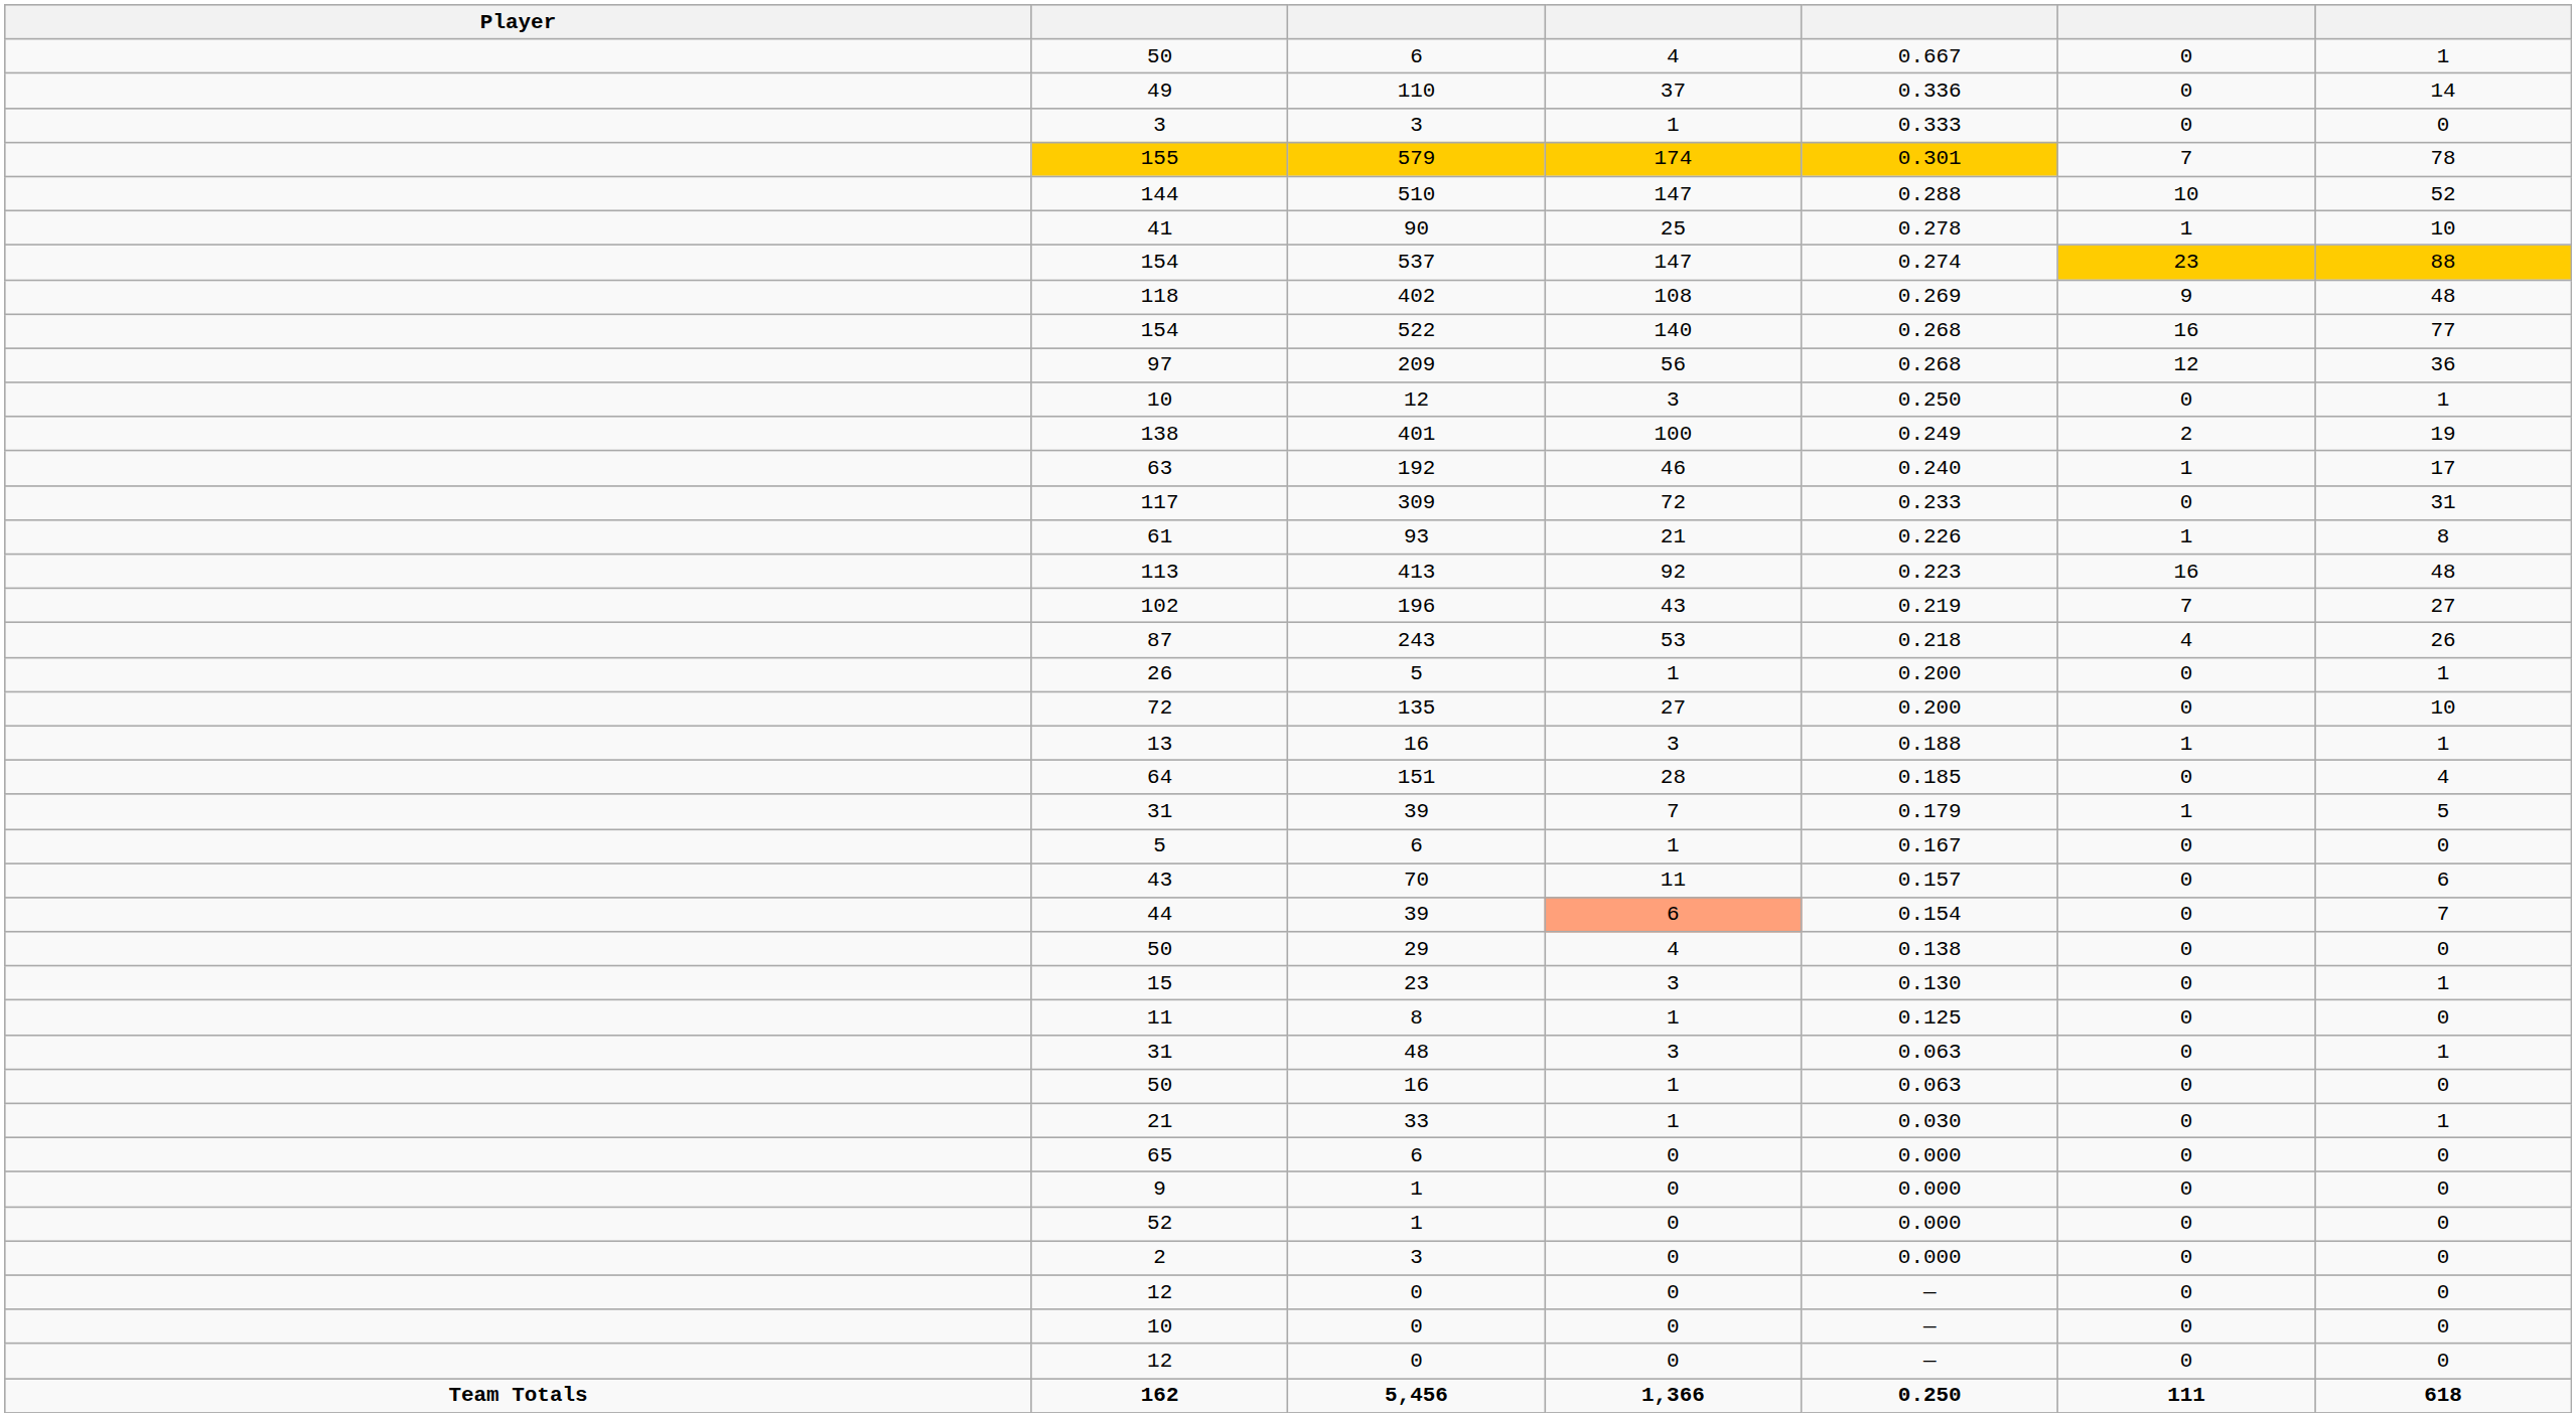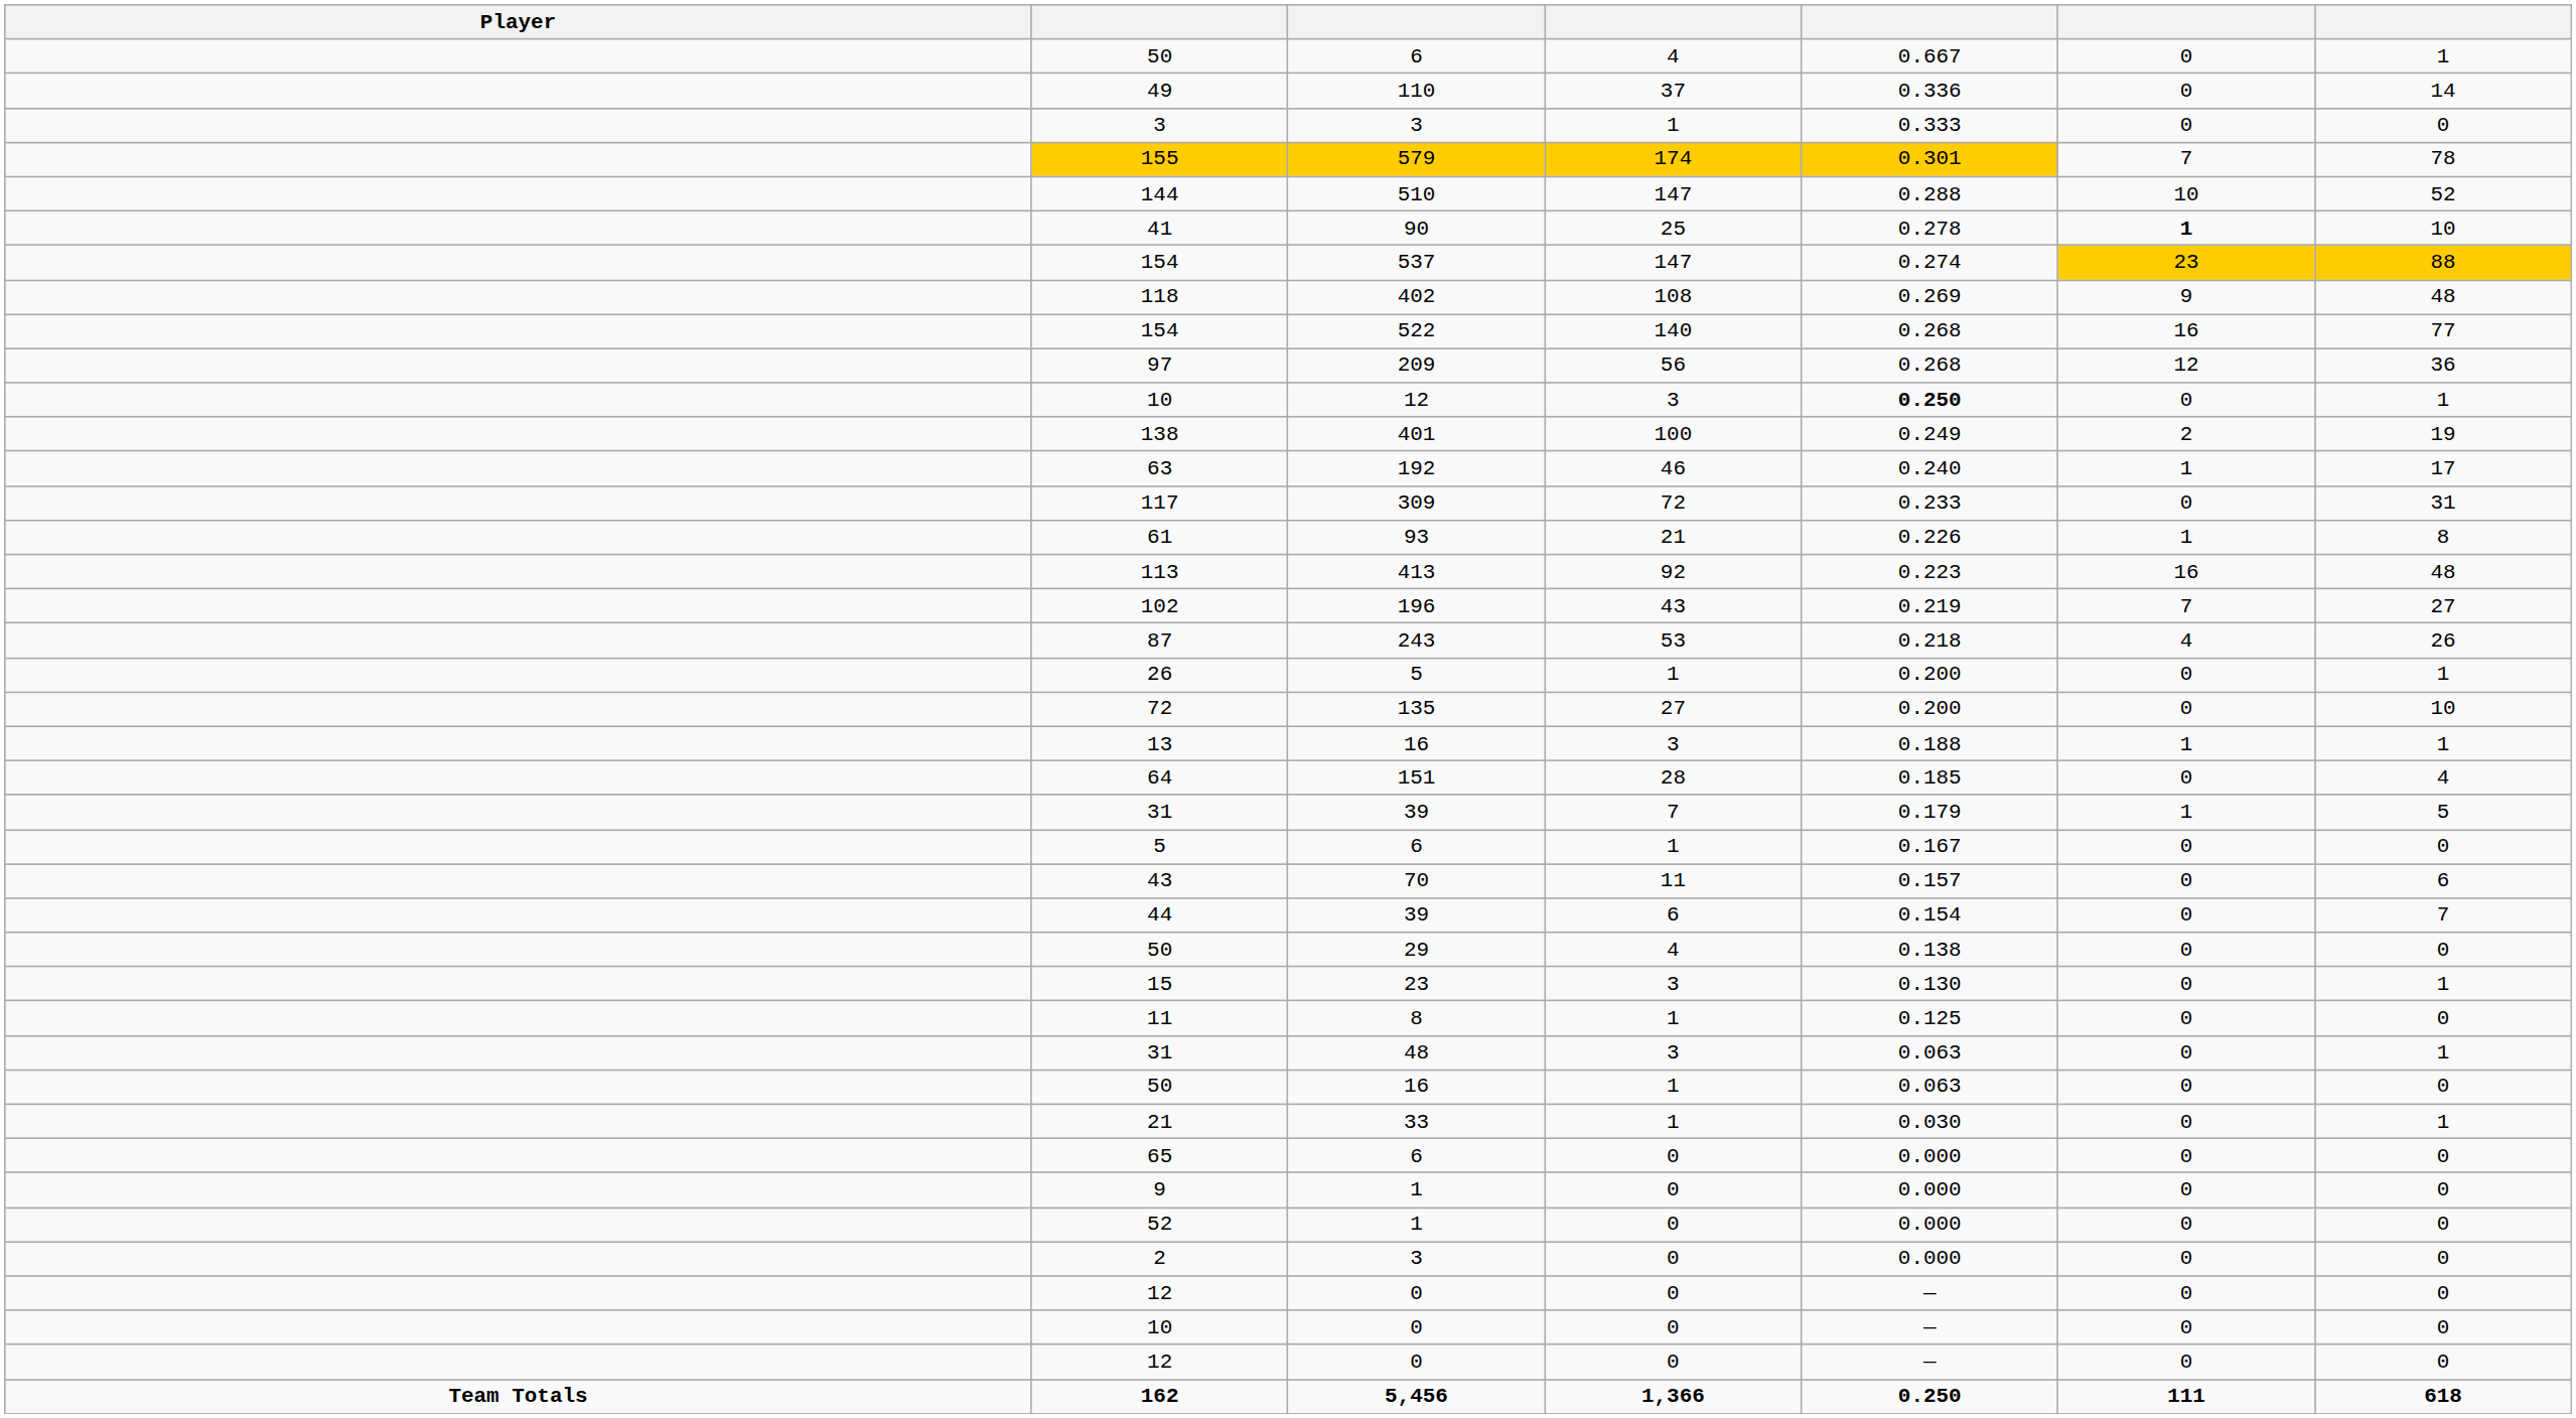 <table class="wikitable sortable" style="text-align:center;" width="100%">
 <tr>
 <th width="40%">Player</th>
 <th width="10%"></th>
 <th width="10%"></th>
 <th width="10%"></th>
 <th width="10%"></th>
 <th width="10%"></th>
 <th width="10%"></th>
 </tr>
 <tr>
 <td></td>
 <td>50</td>
 <td>6</td>
 <td>4</td>
 <td>0.667</td>
 <td>0</td>
 <td>1</td>
 </tr>
 <tr>
 <td></td>
 <td>49</td>
 <td>110</td>
 <td>37</td>
 <td>0.336</td>
 <td>0</td>
 <td>14</td>
 </tr>
 <tr>
 <td></td>
 <td>3</td>
 <td>3</td>
 <td>1</td>
 <td>0.333</td>
 <td>0</td>
 <td>0</td>
 </tr>
 <tr>
 <td></td>
 <td style="background:#fc0;">155</td>
 <td style="background:#fc0;">579</td>
 <td style="background:#fc0;">174</td>
 <td style="background:#fc0;">0.301</td>
 <td>7</td>
 <td>78</td>
 </tr>
 <tr>
 <td></td>
 <td>144</td>
 <td>510</td>
 <td>147</td>
 <td>0.288</td>
 <td>10</td>
 <td>52</td>
 </tr>
 <tr>
 <td></td>
 <td>41</td>
 <td>90</td>
 <td>25</td>
 <td>0.278</td>
-<td>1</td>
+<td><strong>1</strong></td>
 <td>10</td>
 </tr>
 <tr>
 <td></td>
 <td>154</td>
 <td>537</td>
 <td>147</td>
 <td>0.274</td>
 <td style="background:#fc0;">23</td>
 <td style="background:#fc0;">88</td>
 </tr>
 <tr>
 <td></td>
 <td>118</td>
 <td>402</td>
 <td>108</td>
 <td>0.269</td>
 <td>9</td>
 <td>48</td>
 </tr>
 <tr>
 <td></td>
 <td>154</td>
 <td>522</td>
 <td>140</td>
 <td>0.268</td>
 <td>16</td>
 <td>77</td>
 </tr>
 <tr>
 <td></td>
 <td>97</td>
 <td>209</td>
 <td>56</td>
 <td>0.268</td>
 <td>12</td>
 <td>36</td>
 </tr>
 <tr>
 <td></td>
 <td>10</td>
 <td>12</td>
 <td>3</td>
-<td>0.250</td>
+<td><strong>0.250</strong></td>
 <td>0</td>
 <td>1</td>
 </tr>
 <tr>
 <td></td>
 <td>138</td>
 <td>401</td>
 <td>100</td>
 <td>0.249</td>
 <td>2</td>
 <td>19</td>
 </tr>
 <tr>
 <td></td>
 <td>63</td>
 <td>192</td>
 <td>46</td>
 <td>0.240</td>
 <td>1</td>
 <td>17</td>
 </tr>
 <tr>
 <td></td>
 <td>117</td>
 <td>309</td>
 <td>72</td>
 <td>0.233</td>
 <td>0</td>
 <td>31</td>
 </tr>
 <tr>
 <td></td>
 <td>61</td>
 <td>93</td>
 <td>21</td>
 <td>0.226</td>
 <td>1</td>
 <td>8</td>
 </tr>
 <tr>
 <td></td>
 <td>113</td>
 <td>413</td>
 <td>92</td>
 <td>0.223</td>
 <td>16</td>
 <td>48</td>
 </tr>
 <tr>
 <td></td>
 <td>102</td>
 <td>196</td>
 <td>43</td>
 <td>0.219</td>
 <td>7</td>
 <td>27</td>
 </tr>
 <tr>
 <td></td>
 <td>87</td>
 <td>243</td>
 <td>53</td>
 <td>0.218</td>
 <td>4</td>
 <td>26</td>
 </tr>
 <tr>
 <td></td>
 <td>26</td>
 <td>5</td>
 <td>1</td>
 <td>0.200</td>
 <td>0</td>
 <td>1</td>
 </tr>
 <tr>
 <td></td>
 <td>72</td>
 <td>135</td>
 <td>27</td>
 <td>0.200</td>
 <td>0</td>
 <td>10</td>
 </tr>
 <tr>
 <td></td>
 <td>13</td>
 <td>16</td>
 <td>3</td>
 <td>0.188</td>
 <td>1</td>
 <td>1</td>
 </tr>
 <tr>
 <td></td>
 <td>64</td>
 <td>151</td>
 <td>28</td>
 <td>0.185</td>
 <td>0</td>
 <td>4</td>
 </tr>
 <tr>
 <td></td>
 <td>31</td>
 <td>39</td>
 <td>7</td>
 <td>0.179</td>
 <td>1</td>
 <td>5</td>
 </tr>
 <tr>
 <td></td>
 <td>5</td>
 <td>6</td>
 <td>1</td>
 <td>0.167</td>
 <td>0</td>
 <td>0</td>
 </tr>
 <tr>
 <td></td>
 <td>43</td>
 <td>70</td>
 <td>11</td>
 <td>0.157</td>
 <td>0</td>
 <td>6</td>
 </tr>
 <tr>
 <td></td>
 <td>44</td>
 <td>39</td>
-<td style="background: lightsalmon;">6</td>
+<td>6</td>
 <td>0.154</td>
 <td>0</td>
 <td>7</td>
 </tr>
 <tr>
 <td></td>
 <td>50</td>
 <td>29</td>
 <td>4</td>
 <td>0.138</td>
 <td>0</td>
 <td>0</td>
 </tr>
 <tr>
 <td></td>
 <td>15</td>
 <td>23</td>
 <td>3</td>
 <td>0.130</td>
 <td>0</td>
 <td>1</td>
 </tr>
 <tr>
 <td></td>
 <td>11</td>
 <td>8</td>
 <td>1</td>
 <td>0.125</td>
 <td>0</td>
 <td>0</td>
 </tr>
 <tr>
 <td></td>
 <td>31</td>
 <td>48</td>
 <td>3</td>
 <td>0.063</td>
 <td>0</td>
 <td>1</td>
 </tr>
 <tr>
 <td></td>
 <td>50</td>
 <td>16</td>
 <td>1</td>
 <td>0.063</td>
 <td>0</td>
 <td>0</td>
 </tr>
 <tr>
 <td></td>
 <td>21</td>
 <td>33</td>
 <td>1</td>
 <td>0.030</td>
 <td>0</td>
 <td>1</td>
 </tr>
 <tr>
 <td></td>
 <td>65</td>
 <td>6</td>
 <td>0</td>
 <td>0.000</td>
 <td>0</td>
 <td>0</td>
 </tr>
 <tr>
 <td></td>
 <td>9</td>
 <td>1</td>
 <td>0</td>
 <td>0.000</td>
 <td>0</td>
 <td>0</td>
 </tr>
 <tr>
 <td></td>
 <td>52</td>
 <td>1</td>
 <td>0</td>
 <td>0.000</td>
 <td>0</td>
 <td>0</td>
 </tr>
 <tr>
 <td></td>
 <td>2</td>
 <td>3</td>
 <td>0</td>
 <td>0.000</td>
 <td>0</td>
 <td>0</td>
 </tr>
 <tr>
 <td></td>
 <td>12</td>
 <td>0</td>
 <td>0</td>
 <td>—</td>
 <td>0</td>
 <td>0</td>
 </tr>
 <tr>
 <td></td>
 <td>10</td>
 <td>0</td>
 <td>0</td>
 <td>—</td>
 <td>0</td>
 <td>0</td>
 </tr>
 <tr>
 <td></td>
 <td>12</td>
 <td>0</td>
 <td>0</td>
 <td>—</td>
 <td>0</td>
 <td>0</td>
 </tr>
 <tr>
 <td><strong>Team Totals</strong></td>
 <td><strong>162</strong></td>
 <td><strong>5,456</strong></td>
 <td><strong>1,366</strong></td>
 <td><strong>0.250</strong></td>
 <td><strong>111</strong></td>
 <td><strong>618</strong></td>
 </tr>
 </table>
